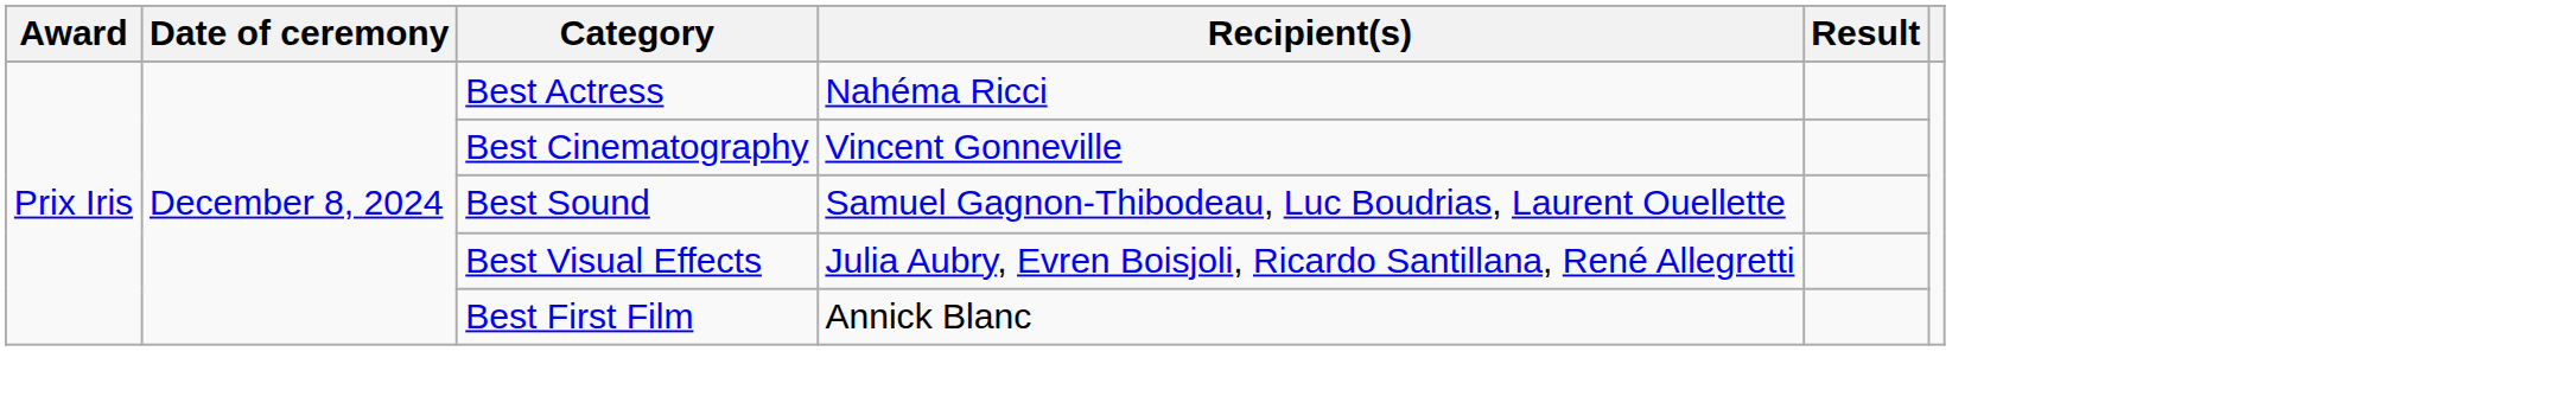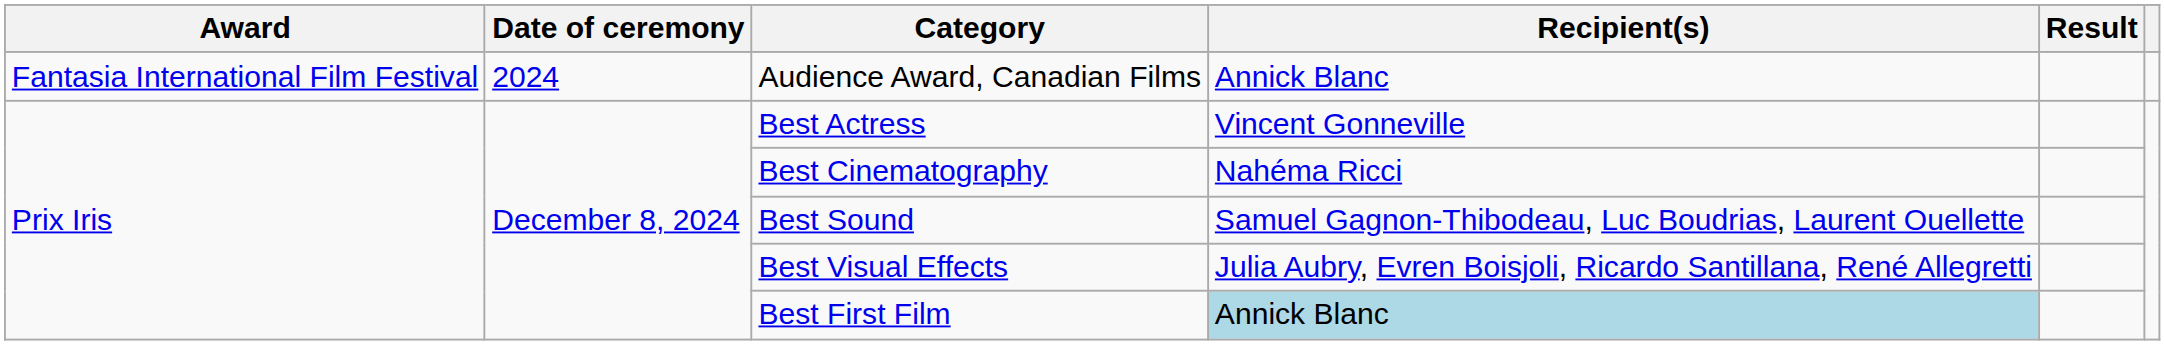 <table class="wikitable sortable plainrowheaders">
 <tr>
 <th scope="col">Award</th>
 <th scope="col">Date of ceremony</th>
 <th scope="col">Category</th>
 <th scope="col">Recipient(s)</th>
 <th scope="col">Result</th>
 <th scope="col" class="unsortable"></th>
 </tr>
 <tr>
+<td><a href='#'>Fantasia International Film Festival</a></td>
+<td><a href='#'>2024</a></td>
+<td>Audience Award, Canadian Films</td>
+<td><a href='#'>Annick Blanc</a></td>
+<td></td>
+<td></td>
+</tr>
+<tr>
 <td rowspan=5><a href='#'>Prix Iris</a></td>
 <td rowspan=5><a href='#'>December 8, 2024</a></td>
 <td><a href='#'>Best Actress</a></td>
-<td><a href='#'>Nahéma Ricci</a></td>
+<td><a href='#'>Vincent Gonneville</a></td>
 <td></td>
 <td rowspan=5></td>
 </tr>
 <tr>
 <td><a href='#'>Best Cinematography</a></td>
-<td><a href='#'>Vincent Gonneville</a></td>
+<td><a href='#'>Nahéma Ricci</a></td>
 <td></td>
 </tr>
 <tr>
 <td><a href='#'>Best Sound</a></td>
 <td><a href='#'>Samuel Gagnon-Thibodeau</a>, <a href='#'>Luc Boudrias</a>, <a href='#'>Laurent Ouellette</a></td>
 <td></td>
 </tr>
 <tr>
 <td><a href='#'>Best Visual Effects</a></td>
 <td><a href='#'>Julia Aubry</a>, <a href='#'>Evren Boisjoli</a>, <a href='#'>Ricardo Santillana</a>, <a href='#'>René Allegretti</a></td>
 <td></td>
 </tr>
 <tr>
 <td><a href='#'>Best First Film</a></td>
-<td>Annick Blanc</td>
+<td style="background: lightblue;">Annick Blanc</td>
 <td></td>
 </tr>
 </table>
